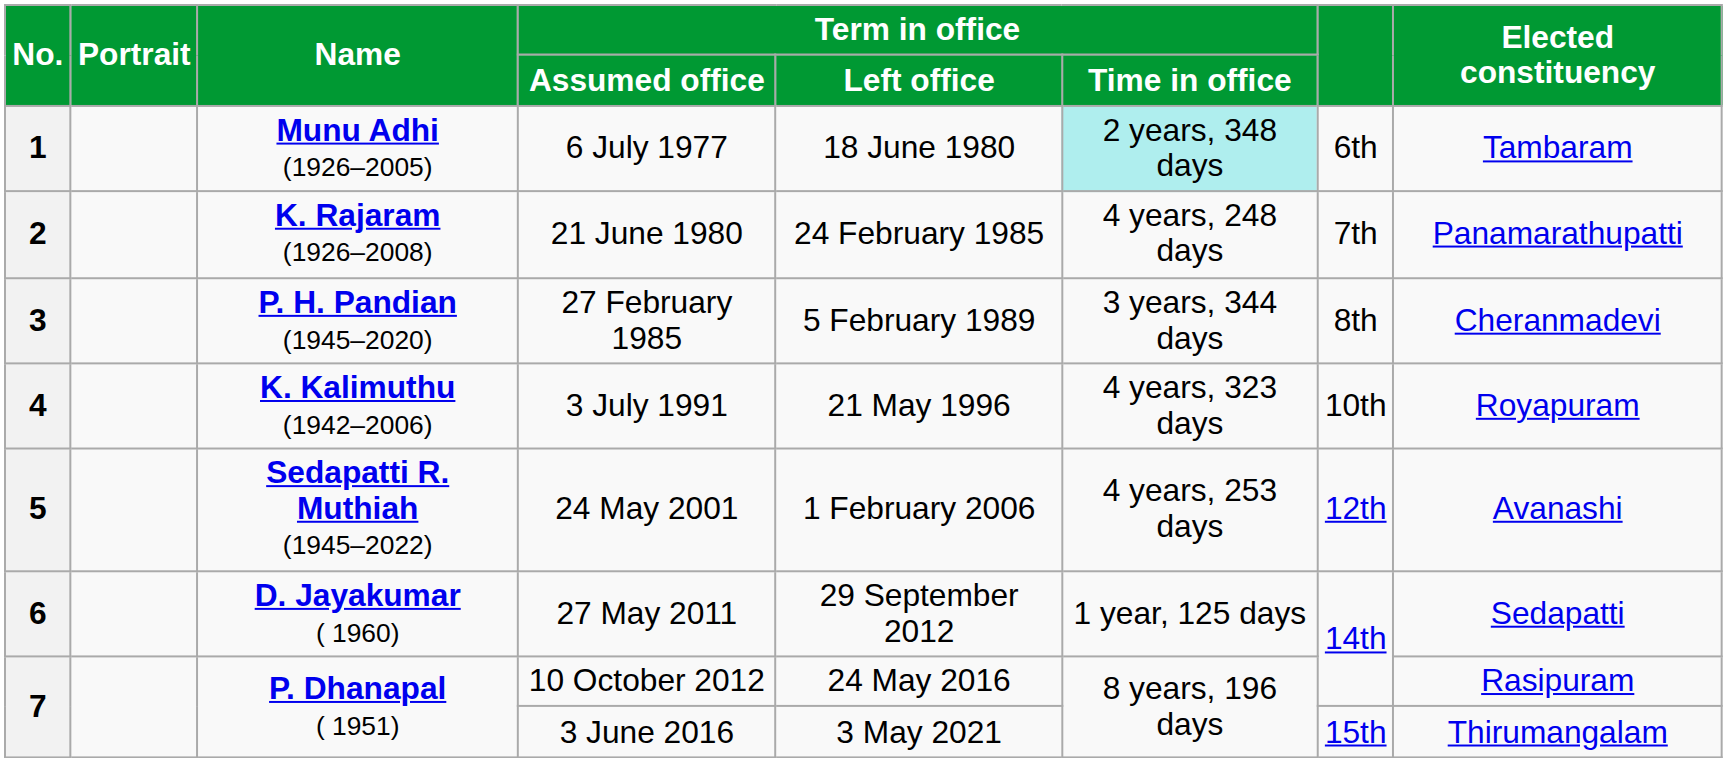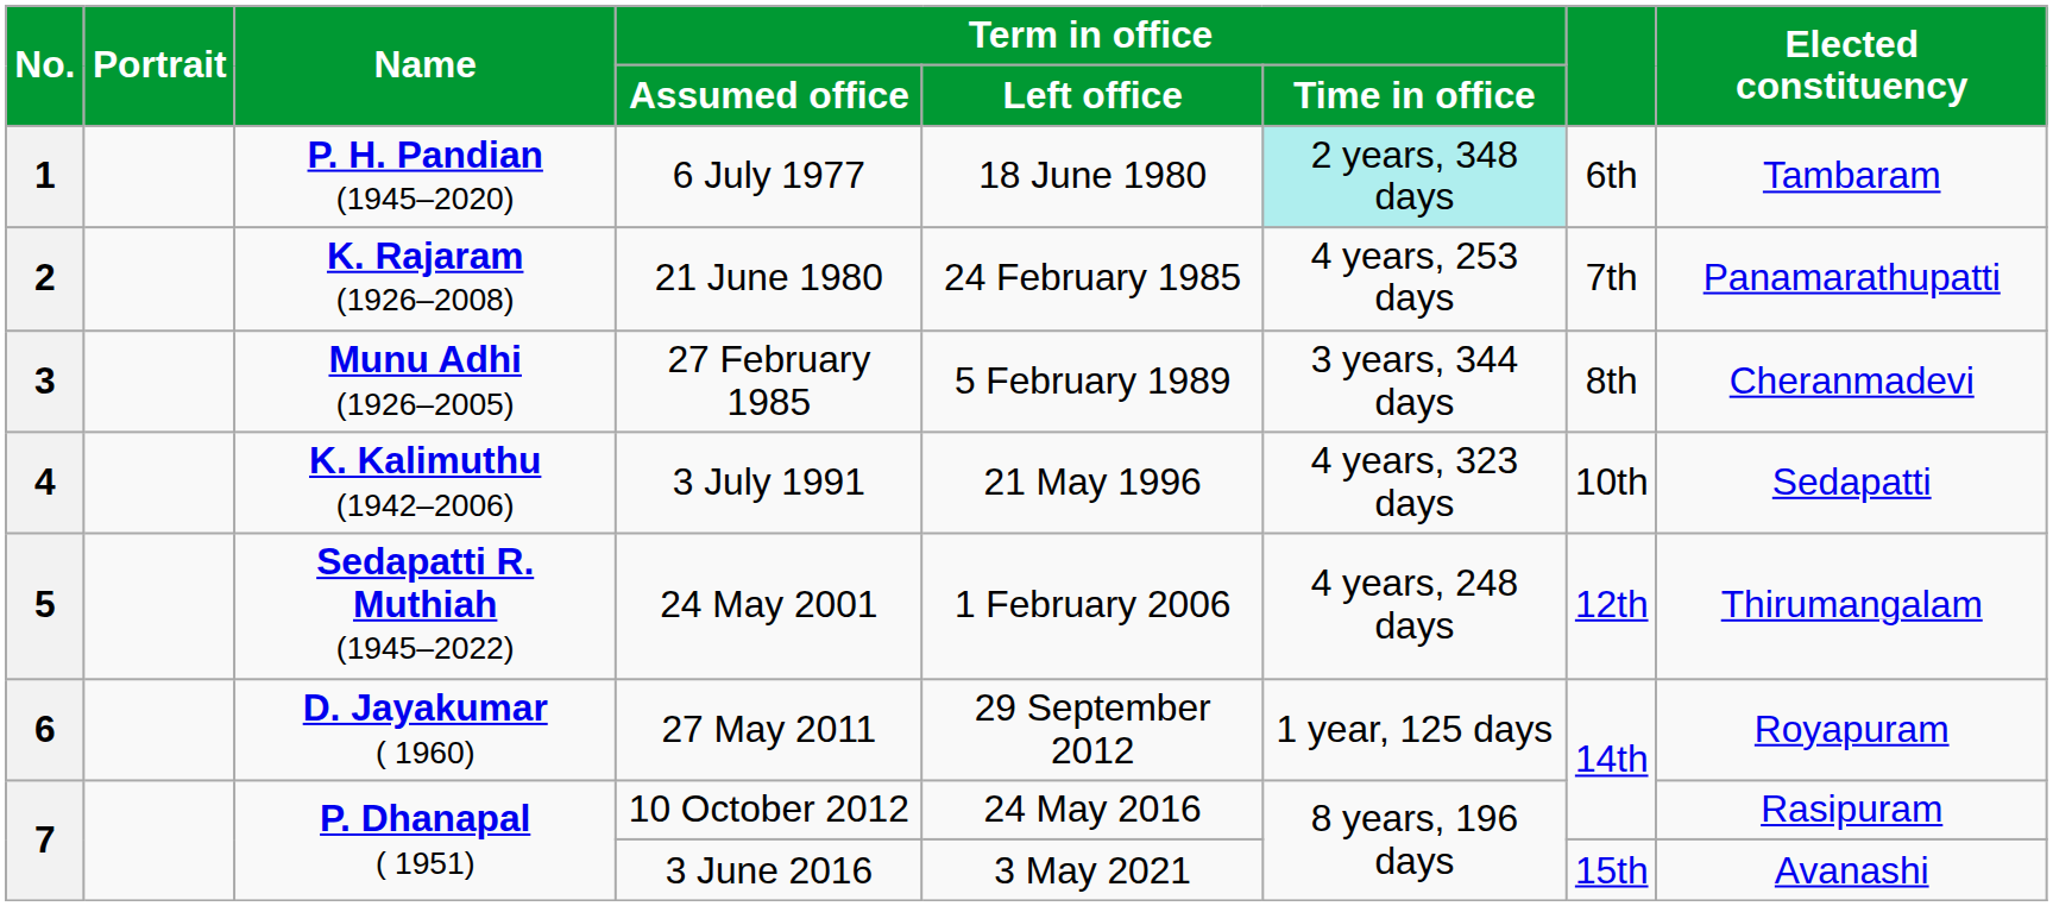 <table class="wikitable sortable" style="text-align:center;">
 <tr>
 <th rowspan=2 style="background-color:#009933;color:white">No.</th>
 <th rowspan=2 style="background-color:#009933;color:white">Portrait</th>
 <th rowspan=2 style="background-color:#009933;color:white">Name<br></th>
 <th colspan=3 style="background-color:#009933;color:white">Term in office</th>
 <th rowspan=2 style="background-color:#009933;color:white"><a href='#'></a><br></th>
 <th rowspan=2 style="background-color:#009933;color:white">Elected constituency</th>
 </tr>
 <tr>
 <th style="background-color:#009933;color:white">Assumed office</th>
 <th style="background-color:#009933;color:white">Left office</th>
 <th style="background-color:#009933;color:white">Time in office</th>
 </tr>
 <tr>
 <th>1</th>
 <td></td>
-<td><strong><a href='#'>Munu Adhi</a></strong><br><small>(1926–2005)</small></td>
+<td><strong><a href='#'>P. H. Pandian</a></strong><br><small>(1945–2020)</small></td>
 <td>6 July 1977</td>
 <td>18 June 1980</td>
 <td style="background: paleturquoise;">2 years, 348 days</td>
 <td>6th<br></td>
 <td><a href='#'>Tambaram</a></td>
 </tr>
 <tr>
 <th>2</th>
 <td></td>
 <td><strong><a href='#'>K. Rajaram</a></strong><br><small>(1926–2008)</small></td>
 <td>21 June 1980</td>
 <td>24 February 1985</td>
-<td>4 years, 248 days</td>
+<td>4 years, 253 days</td>
 <td>7th<br></td>
 <td><a href='#'>Panamarathupatti</a></td>
 </tr>
 <tr>
 <th>3</th>
 <td></td>
-<td><strong><a href='#'>P. H. Pandian</a></strong><br><small>(1945–2020)</small></td>
+<td><strong><a href='#'>Munu Adhi</a></strong><br><small>(1926–2005)</small></td>
 <td>27 February 1985</td>
 <td>5 February 1989</td>
 <td>3 years, 344 days</td>
 <td>8th<br></td>
 <td><a href='#'>Cheranmadevi</a></td>
 </tr>
 <tr>
 <th>4</th>
 <td></td>
 <td><strong><a href='#'>K. Kalimuthu</a></strong><br><small>(1942–2006)</small></td>
 <td>3 July 1991</td>
 <td>21 May 1996</td>
 <td>4 years, 323 days</td>
 <td>10th<br></td>
-<td><a href='#'>Royapuram</a></td>
+<td><a href='#'>Sedapatti</a></td>
 </tr>
 <tr>
 <th>5</th>
 <td></td>
 <td><strong><a href='#'>Sedapatti R. Muthiah</a></strong><br><small>(1945–2022)</small></td>
 <td>24 May 2001</td>
 <td>1 February 2006</td>
-<td>4 years, 253 days</td>
+<td>4 years, 248 days</td>
 <td><a href='#'>12th</a><br></td>
-<td><a href='#'>Avanashi</a></td>
+<td><a href='#'>Thirumangalam</a></td>
 </tr>
 <tr>
 <th>6</th>
 <td></td>
 <td><strong><a href='#'>D. Jayakumar</a></strong><br><small>( 1960)</small></td>
 <td>27 May 2011</td>
 <td>29 September 2012</td>
 <td>1 year, 125 days</td>
 <td rowspan=2><a href='#'>14th</a><br></td>
-<td><a href='#'>Sedapatti</a></td>
+<td><a href='#'>Royapuram</a></td>
 </tr>
 <tr>
 <th rowspan=2>7</th>
 <td rowspan=2></td>
 <td rowspan=2><strong><a href='#'>P. Dhanapal</a></strong><br><small>( 1951)</small></td>
 <td>10 October 2012</td>
 <td>24 May 2016</td>
 <td rowspan=2>8 years, 196 days</td>
 <td><a href='#'>Rasipuram</a></td>
 </tr>
 <tr>
 <td>3 June 2016</td>
 <td>3 May 2021</td>
 <td><a href='#'>15th</a><br></td>
-<td><a href='#'>Thirumangalam</a></td>
+<td><a href='#'>Avanashi</a></td>
 </tr>
 </table>
